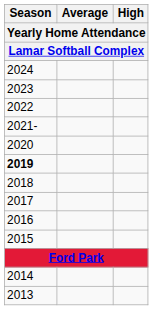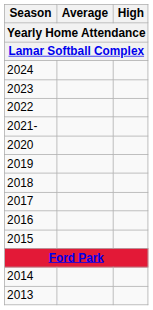 <table class="wikitable">
 <tr>
 <th>Season</th>
 <th>Average</th>
 <th>High</th>
 </tr>
 <tr>
 <th colspan=3>Yearly Home Attendance</th>
 </tr>
 <tr>
 <th colspan=3><a href='#'>Lamar Softball Complex</a></th>
 </tr>
 <tr>
 <td>2024</td>
 <td></td>
 <td></td>
 </tr>
 <tr>
 <td>2023</td>
 <td></td>
 <td></td>
 </tr>
 <tr>
 <td>2022</td>
 <td></td>
 <td></td>
 </tr>
 <tr>
 <td>2021-</td>
 <td></td>
 <td></td>
 </tr>
 <tr>
 <td>2020</td>
 <td></td>
 <td></td>
 </tr>
 <tr>
-<td><strong>2019</strong></td>
+<td>2019</td>
 <td></td>
 <td></td>
 </tr>
 <tr>
 <td>2018</td>
 <td></td>
 <td></td>
 </tr>
 <tr>
 <td>2017</td>
 <td></td>
 <td></td>
 </tr>
 <tr>
 <td>2016</td>
 <td></td>
 <td></td>
 </tr>
 <tr>
 <td>2015</td>
 <td></td>
 <td></td>
 </tr>
 <tr>
 <th colspan=3 style="background:#E31937; color:white;"><a href='#'>Ford Park</a></th>
 </tr>
 <tr>
 <td>2014</td>
 <td></td>
 <td></td>
 </tr>
 <tr>
 <td>2013</td>
 <td></td>
 <td></td>
 </tr>
 </table>
